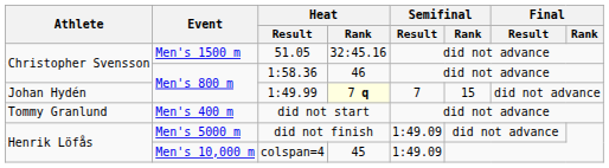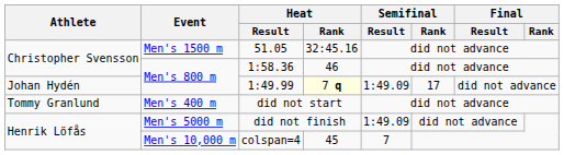 <table class="wikitable" style="font-size:90%">
 <tr>
 <th rowspan="2">Athlete</th>
 <th rowspan="2">Event</th>
 <th colspan="2">Heat</th>
 <th colspan="2">Semifinal</th>
 <th colspan="2">Final</th>
 </tr>
 <tr style="font-size:95%">
 <th>Result</th>
 <th>Rank</th>
 <th>Result</th>
 <th>Rank</th>
 <th>Result</th>
 <th>Rank</th>
 </tr>
 <tr align=center>
 <td align=left rowspan=2>Christopher Svensson</td>
 <td align=left><a href='#'>Men's 1500 m</a></td>
 <td>51.05</td>
 <td>32:45.16</td>
 <td colspan=4>did not advance</td>
 </tr>
 <tr align=center>
 <td align=left rowspan=2><a href='#'>Men's 800 m</a></td>
 <td>1:58.36</td>
 <td>46</td>
 <td colspan=4>did not advance</td>
 </tr>
 <tr align=center>
 <td align=left>Johan Hydén</td>
 <td>1:49.99</td>
 <td style="background: lightyellow;">7 <strong>q</strong></td>
-<td>7</td>
-<td>15</td>
+<td>1:49.09</td>
+<td>17</td>
 <td colspan=2>did not advance</td>
 </tr>
 <tr align=center>
 <td align=left>Tommy Granlund</td>
 <td align=left><a href='#'>Men's 400 m</a></td>
 <td colspan=2>did not start</td>
 <td colspan=4>did not advance</td>
 </tr>
 <tr align=center>
 <td align=left rowspan=2>Henrik Löfås</td>
 <td align=left><a href='#'>Men's 5000 m</a></td>
 <td colspan=2>did not finish</td>
 <td>1:49.09</td>
 <td colspan=2>did not advance</td>
 </tr>
 <tr align=center>
 <td align=left rowspan=2><a href='#'>Men's 10,000 m</a></td>
 <td>colspan=4 </td>
 <td>45</td>
-<td>1:49.09</td>
+<td>7</td>
 </tr>
 </table>
